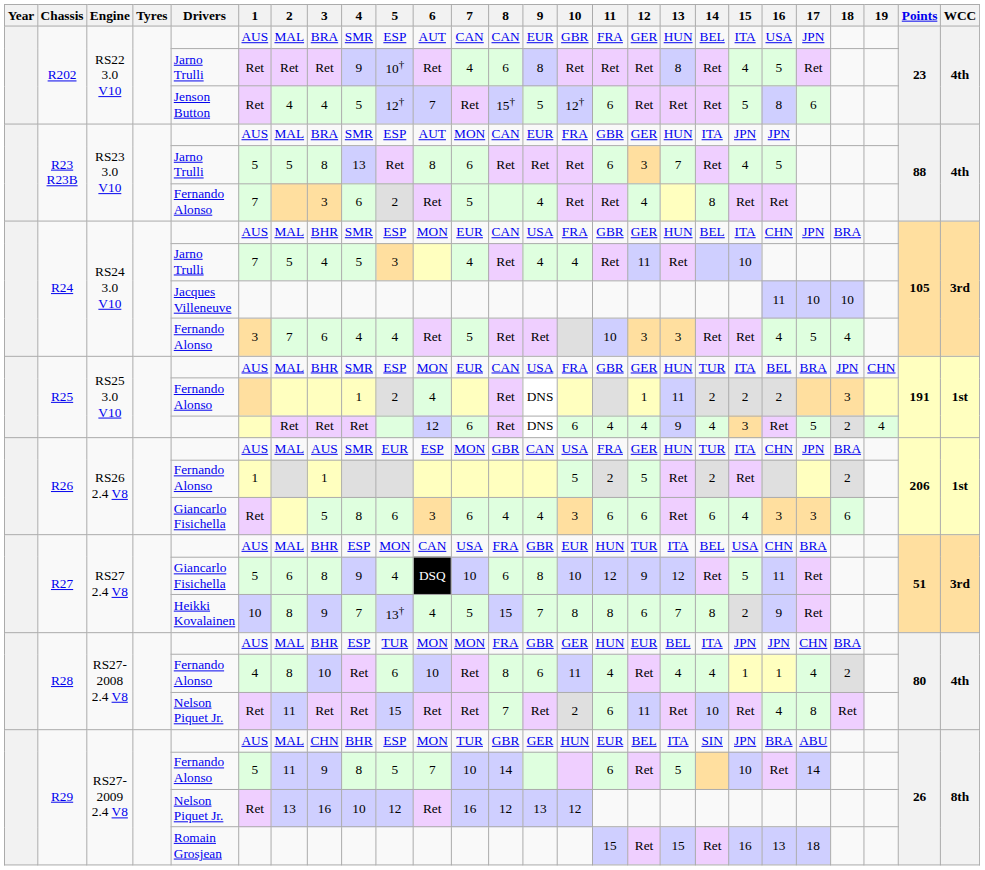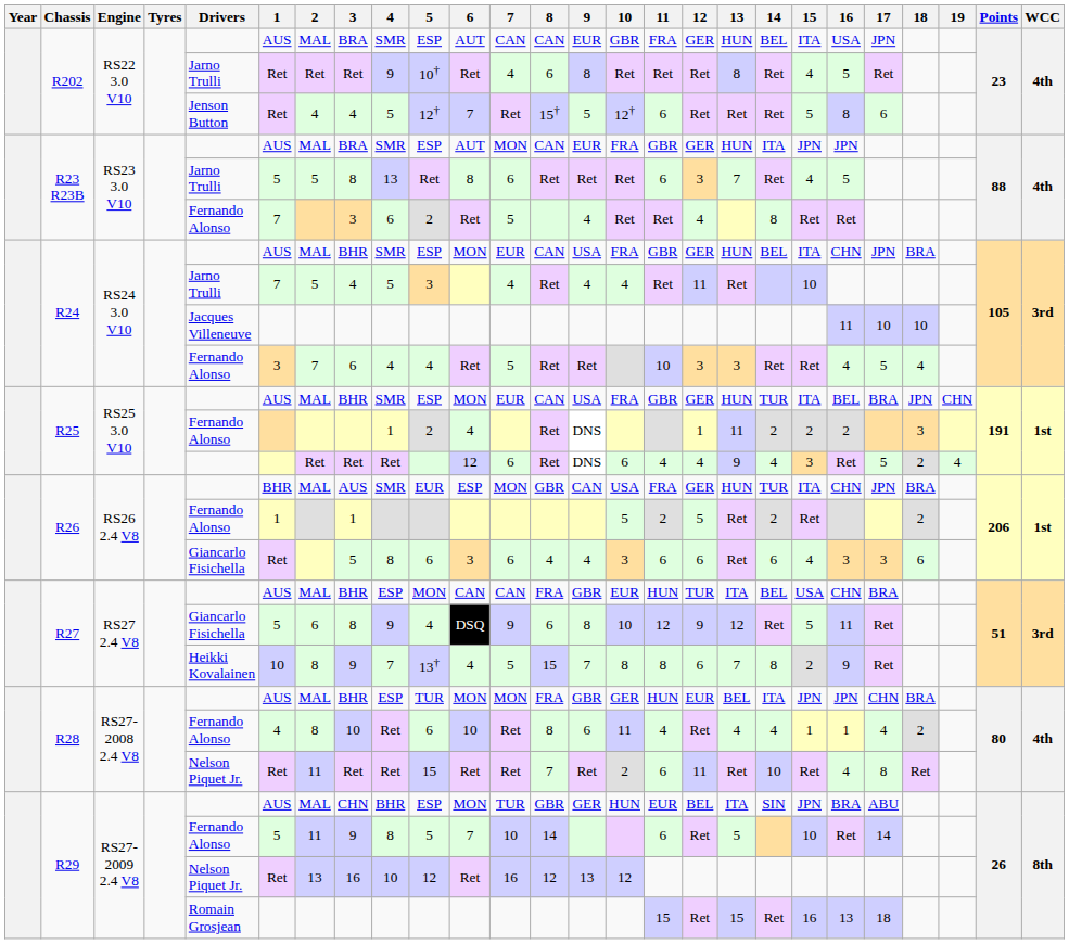 <table class="wikitable" style="text-align:center; font-size:85%">
 <tr>
 <th>Year</th>
 <th>Chassis</th>
 <th>Engine</th>
 <th>Tyres</th>
 <th>Drivers</th>
 <th>1</th>
 <th>2</th>
 <th>3</th>
 <th>4</th>
 <th>5</th>
 <th>6</th>
 <th>7</th>
 <th>8</th>
 <th>9</th>
 <th>10</th>
 <th>11</th>
 <th>12</th>
 <th>13</th>
 <th>14</th>
 <th>15</th>
 <th>16</th>
 <th>17</th>
 <th>18</th>
 <th>19</th>
 <th><a href='#'>Points</a></th>
 <th>WCC</th>
 </tr>
 <tr>
 <th rowspan="3"></th>
 <td rowspan="3"><a href='#'>R202</a></td>
 <td rowspan="3">RS22 3.0 <a href='#'>V10</a></td>
 <td rowspan="3"></td>
 <td></td>
 <td><a href='#'>AUS</a></td>
 <td><a href='#'>MAL</a></td>
 <td><a href='#'>BRA</a></td>
 <td><a href='#'>SMR</a></td>
 <td><a href='#'>ESP</a></td>
 <td><a href='#'>AUT</a></td>
 <td><a href='#'>CAN</a></td>
 <td><a href='#'>CAN</a></td>
 <td><a href='#'>EUR</a></td>
 <td><a href='#'>GBR</a></td>
 <td><a href='#'>FRA</a></td>
 <td><a href='#'>GER</a></td>
 <td><a href='#'>HUN</a></td>
 <td><a href='#'>BEL</a></td>
 <td><a href='#'>ITA</a></td>
 <td><a href='#'>USA</a></td>
 <td><a href='#'>JPN</a></td>
 <td></td>
 <td></td>
 <th rowspan="3">23</th>
 <th rowspan="3">4th</th>
 </tr>
 <tr>
 <td align="left"> <a href='#'>Jarno Trulli</a></td>
 <td style="background:#EFCFFF;">Ret</td>
 <td style="background:#EFCFFF;">Ret</td>
 <td style="background:#EFCFFF;">Ret</td>
 <td style="background:#CFCFFF;">9</td>
 <td style="background:#CFCFFF;">10<sup>†</sup></td>
 <td style="background:#EFCFFF;">Ret</td>
 <td style="background:#DFFFDF;">4</td>
 <td style="background:#DFFFDF;">6</td>
 <td style="background:#CFCFFF;">8</td>
 <td style="background:#EFCFFF;">Ret</td>
 <td style="background:#EFCFFF;">Ret</td>
 <td style="background:#EFCFFF;">Ret</td>
 <td style="background:#CFCFFF;">8</td>
 <td style="background:#EFCFFF;">Ret</td>
 <td style="background:#DFFFDF;">4</td>
 <td style="background:#DFFFDF;">5</td>
 <td style="background:#EFCFFF;">Ret</td>
 <td></td>
 <td></td>
 </tr>
 <tr>
 <td align="left"> <a href='#'>Jenson Button</a></td>
 <td style="background:#EFCFFF;">Ret</td>
 <td style="background:#DFFFDF;">4</td>
 <td style="background:#DFFFDF;">4</td>
 <td style="background:#DFFFDF;">5</td>
 <td style="background:#CFCFFF;">12<sup>†</sup></td>
 <td style="background:#CFCFFF;">7</td>
 <td style="background:#EFCFFF;">Ret</td>
 <td style="background:#CFCFFF;">15<sup>†</sup></td>
 <td style="background:#DFFFDF;">5</td>
 <td style="background:#CFCFFF;">12<sup>†</sup></td>
 <td style="background:#DFFFDF;">6</td>
 <td style="background:#EFCFFF;">Ret</td>
 <td style="background:#EFCFFF;">Ret</td>
 <td style="background:#EFCFFF;">Ret</td>
 <td style="background:#DFFFDF;">5</td>
 <td style="background:#CFCFFF;">8</td>
 <td style="background:#DFFFDF;">6</td>
 <td></td>
 <td></td>
 </tr>
 <tr>
 <th rowspan="3"></th>
 <td rowspan="3"><a href='#'>R23</a><br><a href='#'>R23B</a></td>
 <td rowspan="3">RS23 3.0 <a href='#'>V10</a></td>
 <td rowspan="3"></td>
 <td></td>
 <td><a href='#'>AUS</a></td>
 <td><a href='#'>MAL</a></td>
 <td><a href='#'>BRA</a></td>
 <td><a href='#'>SMR</a></td>
 <td><a href='#'>ESP</a></td>
 <td><a href='#'>AUT</a></td>
 <td><a href='#'>MON</a></td>
 <td><a href='#'>CAN</a></td>
 <td><a href='#'>EUR</a></td>
 <td><a href='#'>FRA</a></td>
 <td><a href='#'>GBR</a></td>
 <td><a href='#'>GER</a></td>
 <td><a href='#'>HUN</a></td>
 <td><a href='#'>ITA</a></td>
 <td><a href='#'>JPN</a></td>
 <td><a href='#'>JPN</a></td>
 <td></td>
 <td></td>
 <td></td>
 <th rowspan="3">88</th>
 <th rowspan="3">4th</th>
 </tr>
 <tr>
 <td align="left"> <a href='#'>Jarno Trulli</a></td>
 <td style="background:#DFFFDF;">5</td>
 <td style="background:#DFFFDF;">5</td>
 <td style="background:#DFFFDF;">8</td>
 <td style="background:#CFCFFF;">13</td>
 <td style="background:#EFCFFF;">Ret</td>
 <td style="background:#DFFFDF;">8</td>
 <td style="background:#DFFFDF;">6</td>
 <td style="background:#EFCFFF;">Ret</td>
 <td style="background:#EFCFFF;">Ret</td>
 <td style="background:#EFCFFF;">Ret</td>
 <td style="background:#DFFFDF;">6</td>
 <td style="background:#FFDF9F;">3</td>
 <td style="background:#DFFFDF;">7</td>
 <td style="background:#EFCFFF;">Ret</td>
 <td style="background:#DFFFDF;">4</td>
 <td style="background:#DFFFDF;">5</td>
 <td></td>
 <td></td>
 <td></td>
 </tr>
 <tr>
 <td align="left"> <a href='#'>Fernando Alonso</a></td>
 <td style="background:#DFFFDF;">7</td>
 <td style="background:#FFDF9F;"></td>
 <td style="background:#FFDF9F;">3</td>
 <td style="background:#DFFFDF;">6</td>
 <td style="background:#DFDFDF;">2</td>
 <td style="background:#EFCFFF;">Ret</td>
 <td style="background:#DFFFDF;">5</td>
 <td style="background:#DFFFDF;"></td>
 <td style="background:#DFFFDF;">4</td>
 <td style="background:#EFCFFF;">Ret</td>
 <td style="background:#EFCFFF;">Ret</td>
 <td style="background:#DFFFDF;">4</td>
 <td style="background:#FFFFBF;"></td>
 <td style="background:#DFFFDF;">8</td>
 <td style="background:#EFCFFF;">Ret</td>
 <td style="background:#EFCFFF;">Ret</td>
 <td></td>
 <td></td>
 <td></td>
 </tr>
 <tr>
 <th rowspan="4"></th>
 <td rowspan="4"><a href='#'>R24</a></td>
 <td rowspan="4">RS24 3.0 <a href='#'>V10</a></td>
 <td rowspan="4"></td>
 <td></td>
 <td><a href='#'>AUS</a></td>
 <td><a href='#'>MAL</a></td>
 <td><a href='#'>BHR</a></td>
 <td><a href='#'>SMR</a></td>
 <td><a href='#'>ESP</a></td>
 <td><a href='#'>MON</a></td>
 <td><a href='#'>EUR</a></td>
 <td><a href='#'>CAN</a></td>
 <td><a href='#'>USA</a></td>
 <td><a href='#'>FRA</a></td>
 <td><a href='#'>GBR</a></td>
 <td><a href='#'>GER</a></td>
 <td><a href='#'>HUN</a></td>
 <td><a href='#'>BEL</a></td>
 <td><a href='#'>ITA</a></td>
 <td><a href='#'>CHN</a></td>
 <td><a href='#'>JPN</a></td>
 <td><a href='#'>BRA</a></td>
 <td></td>
 <td rowspan="4" style="background:#FFDF9F;"><strong>105</strong></td>
 <td rowspan="4" style="background:#FFDF9F;"><strong>3rd</strong></td>
 </tr>
 <tr>
 <td align="left"> <a href='#'>Jarno Trulli</a></td>
 <td style="background:#DFFFDF;">7</td>
 <td style="background:#DFFFDF;">5</td>
 <td style="background:#DFFFDF;">4</td>
 <td style="background:#DFFFDF;">5</td>
 <td style="background:#FFDF9F;">3</td>
 <td style="background:#FFFFBF;"></td>
 <td style="background:#DFFFDF;">4</td>
 <td style="background:#EFCFFF;">Ret</td>
 <td style="background:#DFFFDF;">4</td>
 <td style="background:#DFFFDF;">4</td>
 <td style="background:#EFCFFF;">Ret</td>
 <td style="background:#CFCFFF;">11</td>
 <td style="background:#EFCFFF;">Ret</td>
 <td style="background:#CFCFFF;"></td>
 <td style="background:#CFCFFF;">10</td>
 <td></td>
 <td></td>
 <td></td>
 <td></td>
 </tr>
 <tr>
 <td align="left"> <a href='#'>Jacques Villeneuve</a></td>
 <td></td>
 <td></td>
 <td></td>
 <td></td>
 <td></td>
 <td></td>
 <td></td>
 <td></td>
 <td></td>
 <td></td>
 <td></td>
 <td></td>
 <td></td>
 <td></td>
 <td></td>
 <td style="background:#CFCFFF;">11</td>
 <td style="background:#CFCFFF;">10</td>
 <td style="background:#CFCFFF;">10</td>
 <td></td>
 </tr>
 <tr>
 <td align="left"> <a href='#'>Fernando Alonso</a></td>
 <td style="background:#FFDF9F;">3</td>
 <td style="background:#DFFFDF;">7</td>
 <td style="background:#DFFFDF;">6</td>
 <td style="background:#DFFFDF;">4</td>
 <td style="background:#DFFFDF;">4</td>
 <td style="background:#EFCFFF;">Ret</td>
 <td style="background:#DFFFDF;">5</td>
 <td style="background:#EFCFFF;">Ret</td>
 <td style="background:#EFCFFF;">Ret</td>
 <td style="background:#DFDFDF;"></td>
 <td style="background:#CFCFFF;">10</td>
 <td style="background:#FFDF9F;">3</td>
 <td style="background:#FFDF9F;">3</td>
 <td style="background:#EFCFFF;">Ret</td>
 <td style="background:#EFCFFF;">Ret</td>
 <td style="background:#DFFFDF;">4</td>
 <td style="background:#DFFFDF;">5</td>
 <td style="background:#DFFFDF;">4</td>
 <td></td>
 </tr>
 <tr>
 <th rowspan="3"></th>
 <td rowspan="3"><a href='#'>R25</a></td>
 <td rowspan="3">RS25 3.0 <a href='#'>V10</a></td>
 <td rowspan="3"></td>
 <td></td>
 <td><a href='#'>AUS</a></td>
 <td><a href='#'>MAL</a></td>
 <td><a href='#'>BHR</a></td>
 <td><a href='#'>SMR</a></td>
 <td><a href='#'>ESP</a></td>
 <td><a href='#'>MON</a></td>
 <td><a href='#'>EUR</a></td>
 <td><a href='#'>CAN</a></td>
 <td><a href='#'>USA</a></td>
 <td><a href='#'>FRA</a></td>
 <td><a href='#'>GBR</a></td>
 <td><a href='#'>GER</a></td>
 <td><a href='#'>HUN</a></td>
 <td><a href='#'>TUR</a></td>
 <td><a href='#'>ITA</a></td>
 <td><a href='#'>BEL</a></td>
 <td><a href='#'>BRA</a></td>
 <td><a href='#'>JPN</a></td>
 <td><a href='#'>CHN</a></td>
 <td rowspan="3" style="background:#FFFFBF;"><strong>191</strong></td>
 <td rowspan="3" style="background:#FFFFBF;"><strong>1st</strong></td>
 </tr>
 <tr>
 <td align="left"> <a href='#'>Fernando Alonso</a></td>
 <td style="background:#FFDF9F;"></td>
 <td style="background:#FFFFBF;"></td>
 <td style="background:#FFFFBF;"></td>
 <td style="background:#FFFFBF;">1</td>
 <td style="background:#DFDFDF;">2</td>
 <td style="background:#DFFFDF;">4</td>
 <td style="background:#FFFFBF;"></td>
 <td style="background:#EFCFFF;">Ret</td>
 <td style="background:#ffffff;">DNS</td>
 <td style="background:#FFFFBF;"></td>
 <td style="background:#DFDFDF;"></td>
 <td style="background:#FFFFBF;">1</td>
 <td style="background:#CFCFFF;">11</td>
 <td style="background:#DFDFDF;">2</td>
 <td style="background:#DFDFDF;">2</td>
 <td style="background:#DFDFDF;">2</td>
 <td style="background:#FFDF9F;"></td>
 <td style="background:#FFDF9F;">3</td>
 <td style="background:#FFFFBF;"></td>
 </tr>
 <tr>
 <td align="left"></td>
 <td style="background:#FFFFBF;"></td>
 <td style="background:#EFCFFF;">Ret</td>
 <td style="background:#EFCFFF;">Ret</td>
 <td style="background:#EFCFFF;">Ret</td>
 <td style="background:#DFFFDF;"></td>
 <td style="background:#CFCFFF;">12</td>
 <td style="background:#DFFFDF;">6</td>
 <td style="background:#EFCFFF;">Ret</td>
 <td style="background:#ffffff;">DNS</td>
 <td style="background:#DFFFDF;">6</td>
 <td style="background:#DFFFDF;">4</td>
 <td style="background:#DFFFDF;">4</td>
 <td style="background:#CFCFFF;">9</td>
 <td style="background:#DFFFDF;">4</td>
 <td style="background:#FFDF9F;">3</td>
 <td style="background:#EFCFFF;">Ret</td>
 <td style="background:#DFFFDF;">5</td>
 <td style="background:#DFDFDF;">2</td>
 <td style="background:#DFFFDF;">4</td>
 </tr>
 <tr>
 <th rowspan="3"></th>
 <td rowspan="3"><a href='#'>R26</a></td>
 <td rowspan="3">RS26 2.4 <a href='#'>V8</a></td>
 <td rowspan="3"></td>
 <td></td>
-<td><a href='#'>AUS</a></td>
+<td><a href='#'>BHR</a></td>
 <td><a href='#'>MAL</a></td>
 <td><a href='#'>AUS</a></td>
 <td><a href='#'>SMR</a></td>
 <td><a href='#'>EUR</a></td>
 <td><a href='#'>ESP</a></td>
 <td><a href='#'>MON</a></td>
 <td><a href='#'>GBR</a></td>
 <td><a href='#'>CAN</a></td>
 <td><a href='#'>USA</a></td>
 <td><a href='#'>FRA</a></td>
 <td><a href='#'>GER</a></td>
 <td><a href='#'>HUN</a></td>
 <td><a href='#'>TUR</a></td>
 <td><a href='#'>ITA</a></td>
 <td><a href='#'>CHN</a></td>
 <td><a href='#'>JPN</a></td>
 <td><a href='#'>BRA</a></td>
 <td></td>
 <td rowspan="3" style="background:#FFFFBF;"><strong>206</strong></td>
 <td rowspan="3" style="background:#FFFFBF;"><strong>1st</strong></td>
 </tr>
 <tr>
 <td align="left"> <a href='#'>Fernando Alonso</a></td>
 <td style="background:#FFFFBF;">1</td>
 <td style="background:#DFDFDF;"></td>
 <td style="background:#FFFFBF;">1</td>
 <td style="background:#DFDFDF;"></td>
 <td style="background:#DFDFDF;"></td>
 <td style="background:#FFFFBF;"></td>
 <td style="background:#FFFFBF;"></td>
 <td style="background:#FFFFBF;"></td>
 <td style="background:#FFFFBF;"></td>
 <td style="background:#DFFFDF;">5</td>
 <td style="background:#DFDFDF;">2</td>
 <td style="background:#DFFFDF;">5</td>
 <td style="background:#EFCFFF;">Ret</td>
 <td style="background:#DFDFDF;">2</td>
 <td style="background:#EFCFFF;">Ret</td>
 <td style="background:#DFDFDF;"></td>
 <td style="background:#FFFFBF;"></td>
 <td style="background:#DFDFDF;">2</td>
 <td></td>
 </tr>
 <tr>
 <td align="left"> <a href='#'>Giancarlo Fisichella</a></td>
 <td style="background:#EFCFFF;">Ret</td>
 <td style="background:#FFFFBF;"></td>
 <td style="background:#DFFFDF;">5</td>
 <td style="background:#DFFFDF;">8</td>
 <td style="background:#DFFFDF;">6</td>
 <td style="background:#FFDF9F;">3</td>
 <td style="background:#DFFFDF;">6</td>
 <td style="background:#DFFFDF;">4</td>
 <td style="background:#DFFFDF;">4</td>
 <td style="background:#FFDF9F;">3</td>
 <td style="background:#DFFFDF;">6</td>
 <td style="background:#DFFFDF;">6</td>
 <td style="background:#EFCFFF;">Ret</td>
 <td style="background:#DFFFDF;">6</td>
 <td style="background:#DFFFDF;">4</td>
 <td style="background:#FFDF9F;">3</td>
 <td style="background:#FFDF9F;">3</td>
 <td style="background:#DFFFDF;">6</td>
 <td></td>
 </tr>
 <tr>
 <th rowspan="3"></th>
 <td rowspan="3"><a href='#'>R27</a></td>
 <td rowspan="3">RS27 2.4 <a href='#'>V8</a></td>
 <td rowspan="3"></td>
 <td></td>
 <td><a href='#'>AUS</a></td>
 <td><a href='#'>MAL</a></td>
 <td><a href='#'>BHR</a></td>
 <td><a href='#'>ESP</a></td>
 <td><a href='#'>MON</a></td>
 <td><a href='#'>CAN</a></td>
-<td><a href='#'>USA</a></td>
+<td><a href='#'>CAN</a></td>
 <td><a href='#'>FRA</a></td>
 <td><a href='#'>GBR</a></td>
 <td><a href='#'>EUR</a></td>
 <td><a href='#'>HUN</a></td>
 <td><a href='#'>TUR</a></td>
 <td><a href='#'>ITA</a></td>
 <td><a href='#'>BEL</a></td>
 <td><a href='#'>USA</a></td>
 <td><a href='#'>CHN</a></td>
 <td><a href='#'>BRA</a></td>
 <td></td>
 <td></td>
 <td rowspan="3" style="background:#FFDF9F;"><strong>51</strong></td>
 <td rowspan="3" style="background:#FFDF9F;"><strong>3rd</strong></td>
 </tr>
 <tr>
 <td align="left"> <a href='#'>Giancarlo Fisichella</a></td>
 <td style="background:#DFFFDF;">5</td>
 <td style="background:#DFFFDF;">6</td>
 <td style="background:#DFFFDF;">8</td>
 <td style="background:#CFCFFF;">9</td>
 <td style="background:#DFFFDF;">4</td>
 <td style="background:#000000; color:#ffffff">DSQ</td>
-<td style="background:#CFCFFF;">10</td>
+<td style="background:#CFCFFF;">9</td>
 <td style="background:#DFFFDF;">6</td>
 <td style="background:#DFFFDF;">8</td>
 <td style="background:#CFCFFF;">10</td>
 <td style="background:#CFCFFF;">12</td>
 <td style="background:#CFCFFF;">9</td>
 <td style="background:#CFCFFF;">12</td>
 <td style="background:#EFCFFF;">Ret</td>
 <td style="background:#DFFFDF;">5</td>
 <td style="background:#CFCFFF;">11</td>
 <td style="background:#EFCFFF;">Ret</td>
 <td></td>
 <td></td>
 </tr>
 <tr>
 <td align="left"> <a href='#'>Heikki Kovalainen</a></td>
 <td style="background:#CFCFFF;">10</td>
 <td style="background:#DFFFDF;">8</td>
 <td style="background:#CFCFFF;">9</td>
 <td style="background:#DFFFDF;">7</td>
 <td style="background:#CFCFFF;">13<sup>†</sup></td>
 <td style="background:#DFFFDF;">4</td>
 <td style="background:#DFFFDF;">5</td>
 <td style="background:#CFCFFF;">15</td>
 <td style="background:#DFFFDF;">7</td>
 <td style="background:#DFFFDF;">8</td>
 <td style="background:#DFFFDF;">8</td>
 <td style="background:#DFFFDF;">6</td>
 <td style="background:#DFFFDF;">7</td>
 <td style="background:#DFFFDF;">8</td>
 <td style="background:#DFDFDF;">2</td>
 <td style="background:#CFCFFF;">9</td>
 <td style="background:#EFCFFF;">Ret</td>
 <td></td>
 <td></td>
 </tr>
 <tr>
 <th rowspan="3"></th>
 <td rowspan="3"><a href='#'>R28</a></td>
 <td rowspan="3">RS27-2008 2.4 <a href='#'>V8</a></td>
 <td rowspan="3"></td>
 <td></td>
 <td><a href='#'>AUS</a></td>
 <td><a href='#'>MAL</a></td>
 <td><a href='#'>BHR</a></td>
 <td><a href='#'>ESP</a></td>
 <td><a href='#'>TUR</a></td>
 <td><a href='#'>MON</a></td>
 <td><a href='#'>MON</a></td>
 <td><a href='#'>FRA</a></td>
 <td><a href='#'>GBR</a></td>
 <td><a href='#'>GER</a></td>
 <td><a href='#'>HUN</a></td>
 <td><a href='#'>EUR</a></td>
 <td><a href='#'>BEL</a></td>
 <td><a href='#'>ITA</a></td>
 <td><a href='#'>JPN</a></td>
 <td><a href='#'>JPN</a></td>
 <td><a href='#'>CHN</a></td>
 <td><a href='#'>BRA</a></td>
 <td></td>
 <th rowspan="3">80</th>
 <th rowspan="3">4th</th>
 </tr>
 <tr>
 <td align="left"> <a href='#'>Fernando Alonso</a></td>
 <td style="background:#DFFFDF;">4</td>
 <td style="background:#DFFFDF;">8</td>
 <td style="background:#CFCFFF;">10</td>
 <td style="background:#EFCFFF;">Ret</td>
 <td style="background:#DFFFDF;">6</td>
 <td style="background:#CFCFFF;">10</td>
 <td style="background:#EFCFFF;">Ret</td>
 <td style="background:#DFFFDF;">8</td>
 <td style="background:#DFFFDF;">6</td>
 <td style="background:#CFCFFF;">11</td>
 <td style="background:#DFFFDF;">4</td>
 <td style="background:#EFCFFF;">Ret</td>
 <td style="background:#DFFFDF;">4</td>
 <td style="background:#DFFFDF;">4</td>
 <td style="background:#FFFFBF;">1</td>
 <td style="background:#FFFFBF;">1</td>
 <td style="background:#DFFFDF;">4</td>
 <td style="background:#DFDFDF;">2</td>
 <td></td>
 </tr>
 <tr>
 <td align="left"> <a href='#'>Nelson Piquet Jr.</a></td>
 <td style="background:#efcfff;">Ret</td>
 <td style="background:#CFCFFF;">11</td>
 <td style="background:#EFCFFF;">Ret</td>
 <td style="background:#EFCFFF;">Ret</td>
 <td style="background:#CFCFFF;">15</td>
 <td style="background:#EFCFFF;">Ret</td>
 <td style="background:#EFCFFF;">Ret</td>
 <td style="background:#DFFFDF;">7</td>
 <td style="background:#EFCFFF;">Ret</td>
 <td style="background:#DFDFDF;">2</td>
 <td style="background:#DFFFDF;">6</td>
 <td style="background:#CFCFFF;">11</td>
 <td style="background:#EFCFFF;">Ret</td>
 <td style="background:#CFCFFF;">10</td>
 <td style="background:#EFCFFF;">Ret</td>
 <td style="background:#DFFFDF;">4</td>
 <td style="background:#DFFFDF;">8</td>
 <td style="background:#EFCFFF;">Ret</td>
 <td></td>
 </tr>
 <tr>
 <th rowspan="4"></th>
 <td rowspan="4"><a href='#'>R29</a></td>
 <td rowspan="4">RS27-2009 2.4 <a href='#'>V8</a></td>
 <td rowspan="4"></td>
 <td></td>
 <td><a href='#'>AUS</a></td>
 <td><a href='#'>MAL</a></td>
 <td><a href='#'>CHN</a></td>
 <td><a href='#'>BHR</a></td>
 <td><a href='#'>ESP</a></td>
 <td><a href='#'>MON</a></td>
 <td><a href='#'>TUR</a></td>
 <td><a href='#'>GBR</a></td>
 <td><a href='#'>GER</a></td>
 <td><a href='#'>HUN</a></td>
 <td><a href='#'>EUR</a></td>
 <td><a href='#'>BEL</a></td>
 <td><a href='#'>ITA</a></td>
 <td><a href='#'>SIN</a></td>
 <td><a href='#'>JPN</a></td>
 <td><a href='#'>BRA</a></td>
 <td><a href='#'>ABU</a></td>
 <td></td>
 <td></td>
 <th rowspan="4">26</th>
 <th rowspan="4">8th</th>
 </tr>
 <tr>
 <td align="left"> <a href='#'>Fernando Alonso</a></td>
 <td style="background:#DFFFDF;">5</td>
 <td style="background:#CFCFFF;">11</td>
 <td style="background:#CFCFFF;">9</td>
 <td style="background:#DFFFDF;">8</td>
 <td style="background:#DFFFDF;">5</td>
 <td style="background:#DFFFDF;">7</td>
 <td style="background:#CFCFFF;">10</td>
 <td style="background:#CFCFFF;">14</td>
 <td style="background:#DFFFDF;"></td>
 <td style="background:#EFCFFF;"></td>
 <td style="background:#DFFFDF;">6</td>
 <td style="background:#EFCFFF;">Ret</td>
 <td style="background:#DFFFDF;">5</td>
 <td style="background:#FFDF9F;"></td>
 <td style="background:#CFCFFF;">10</td>
 <td style="background:#EFCFFF;">Ret</td>
 <td style="background:#CFCFFF;">14</td>
 <td></td>
 <td></td>
 </tr>
 <tr>
 <td align="left"> <a href='#'>Nelson Piquet Jr.</a></td>
 <td style="background:#EFCFFF;">Ret</td>
 <td style="background:#CFCFFF;">13</td>
 <td style="background:#CFCFFF;">16</td>
 <td style="background:#CFCFFF;">10</td>
 <td style="background:#CFCFFF;">12</td>
 <td style="background:#EFCFFF;">Ret</td>
 <td style="background:#CFCFFF;">16</td>
 <td style="background:#CFCFFF;">12</td>
 <td style="background:#CFCFFF;">13</td>
 <td style="background:#CFCFFF;">12</td>
 <td></td>
 <td></td>
 <td></td>
 <td></td>
 <td></td>
 <td></td>
 <td></td>
 <td></td>
 <td></td>
 </tr>
 <tr>
 <td align="left"> <a href='#'>Romain Grosjean</a></td>
 <td></td>
 <td></td>
 <td></td>
 <td></td>
 <td></td>
 <td></td>
 <td></td>
 <td></td>
 <td></td>
 <td></td>
 <td style="background:#CFCFFF;">15</td>
 <td style="background:#EFCFFF;">Ret</td>
 <td style="background:#CFCFFF;">15</td>
 <td style="background:#EFCFFF;">Ret</td>
 <td style="background:#CFCFFF;">16</td>
 <td style="background:#CFCFFF;">13</td>
 <td style="background:#CFCFFF;">18</td>
 <td></td>
 <td></td>
 </tr>
 </table>
